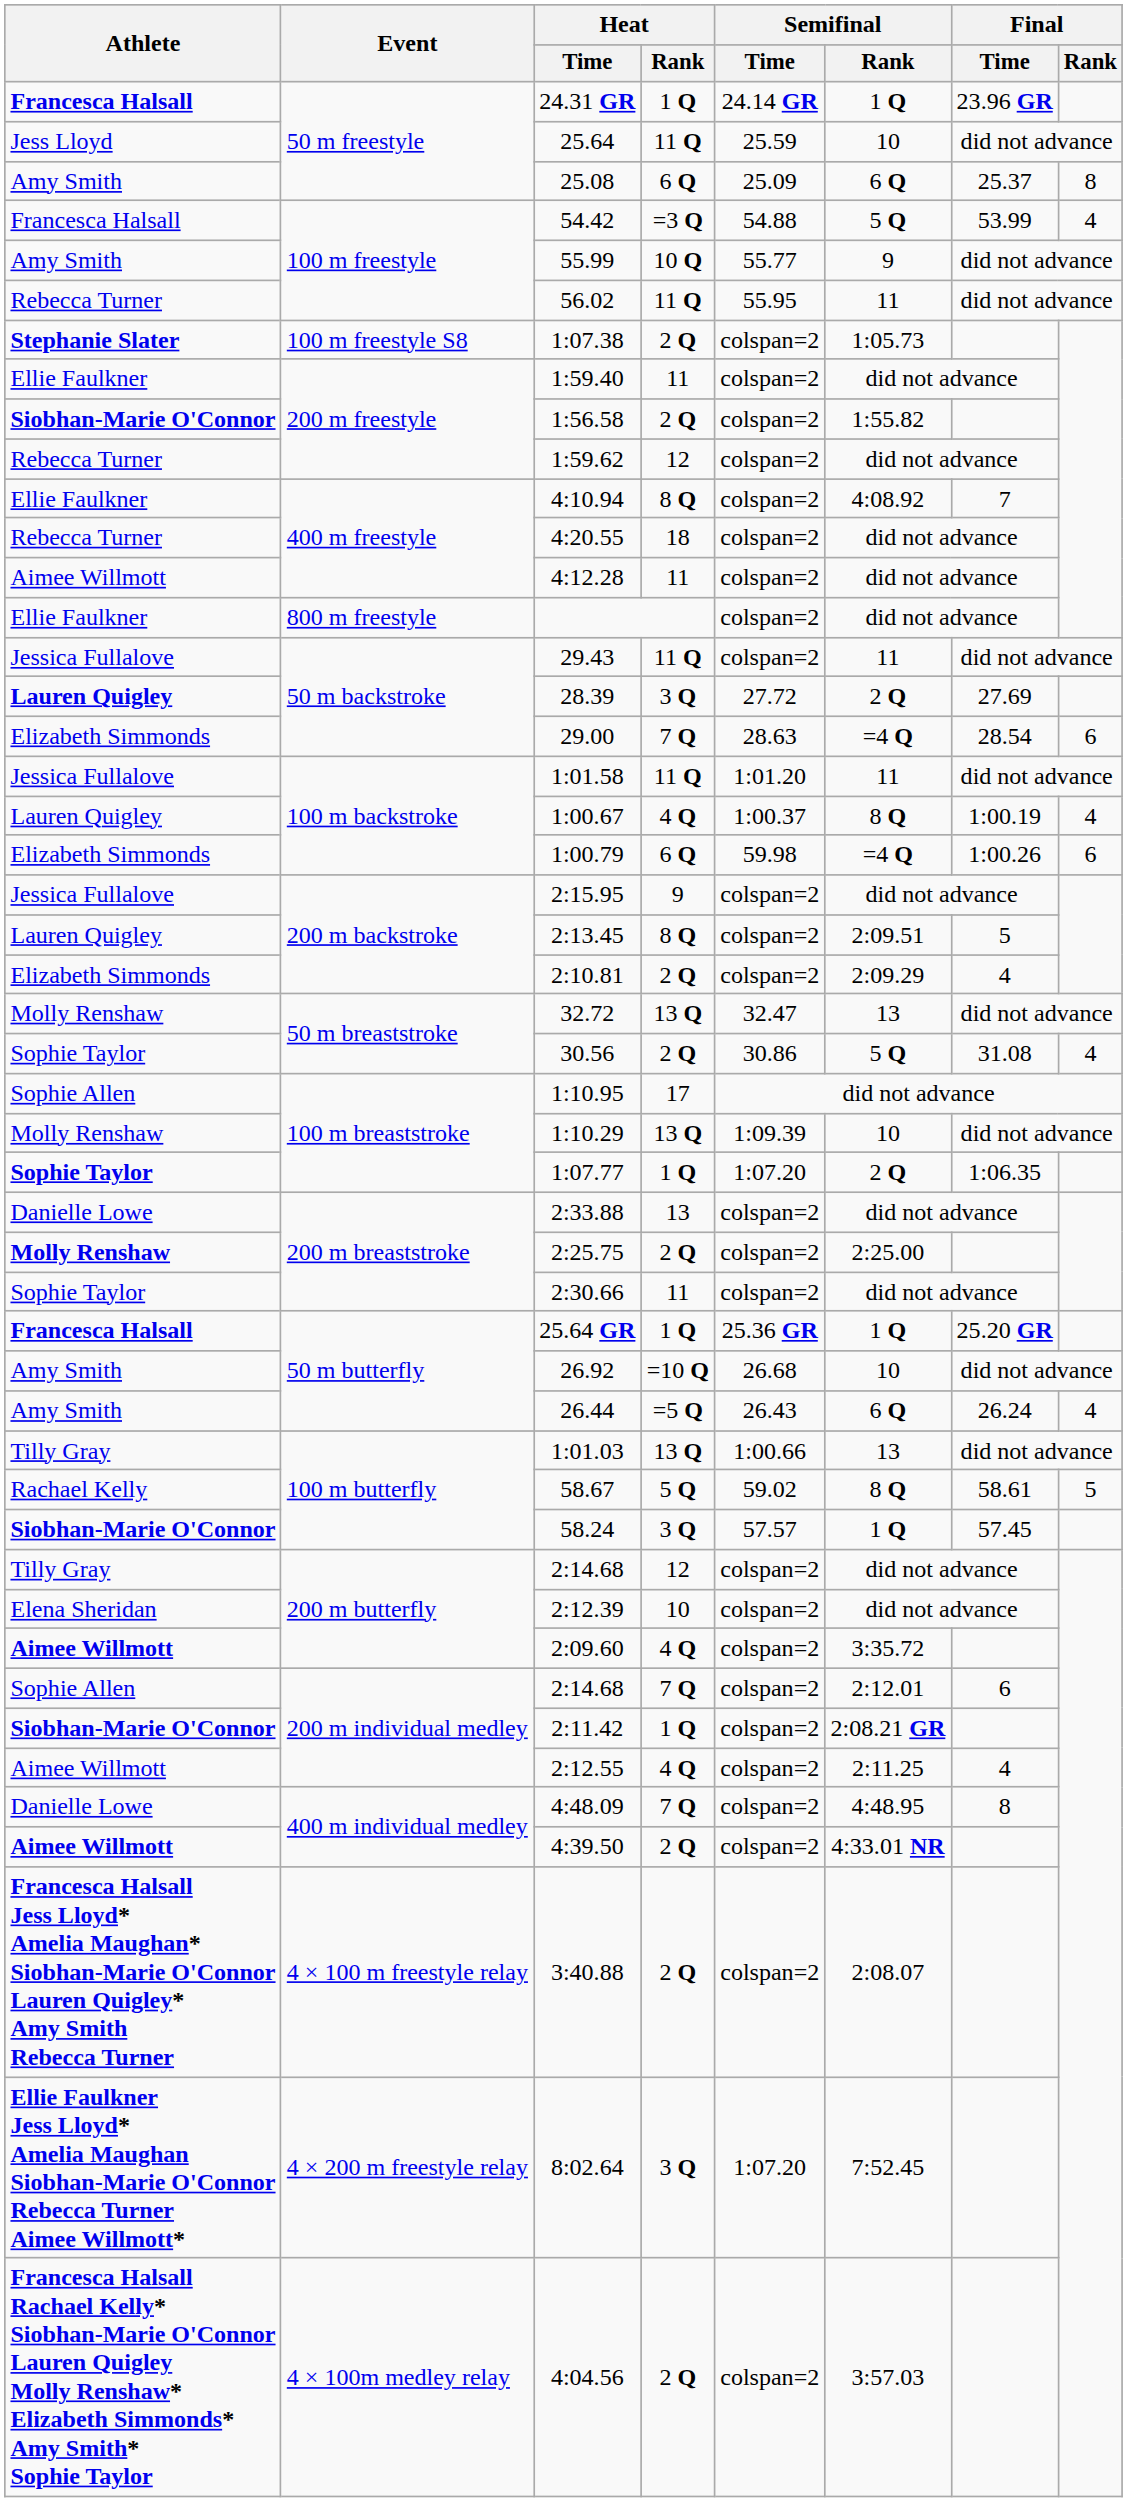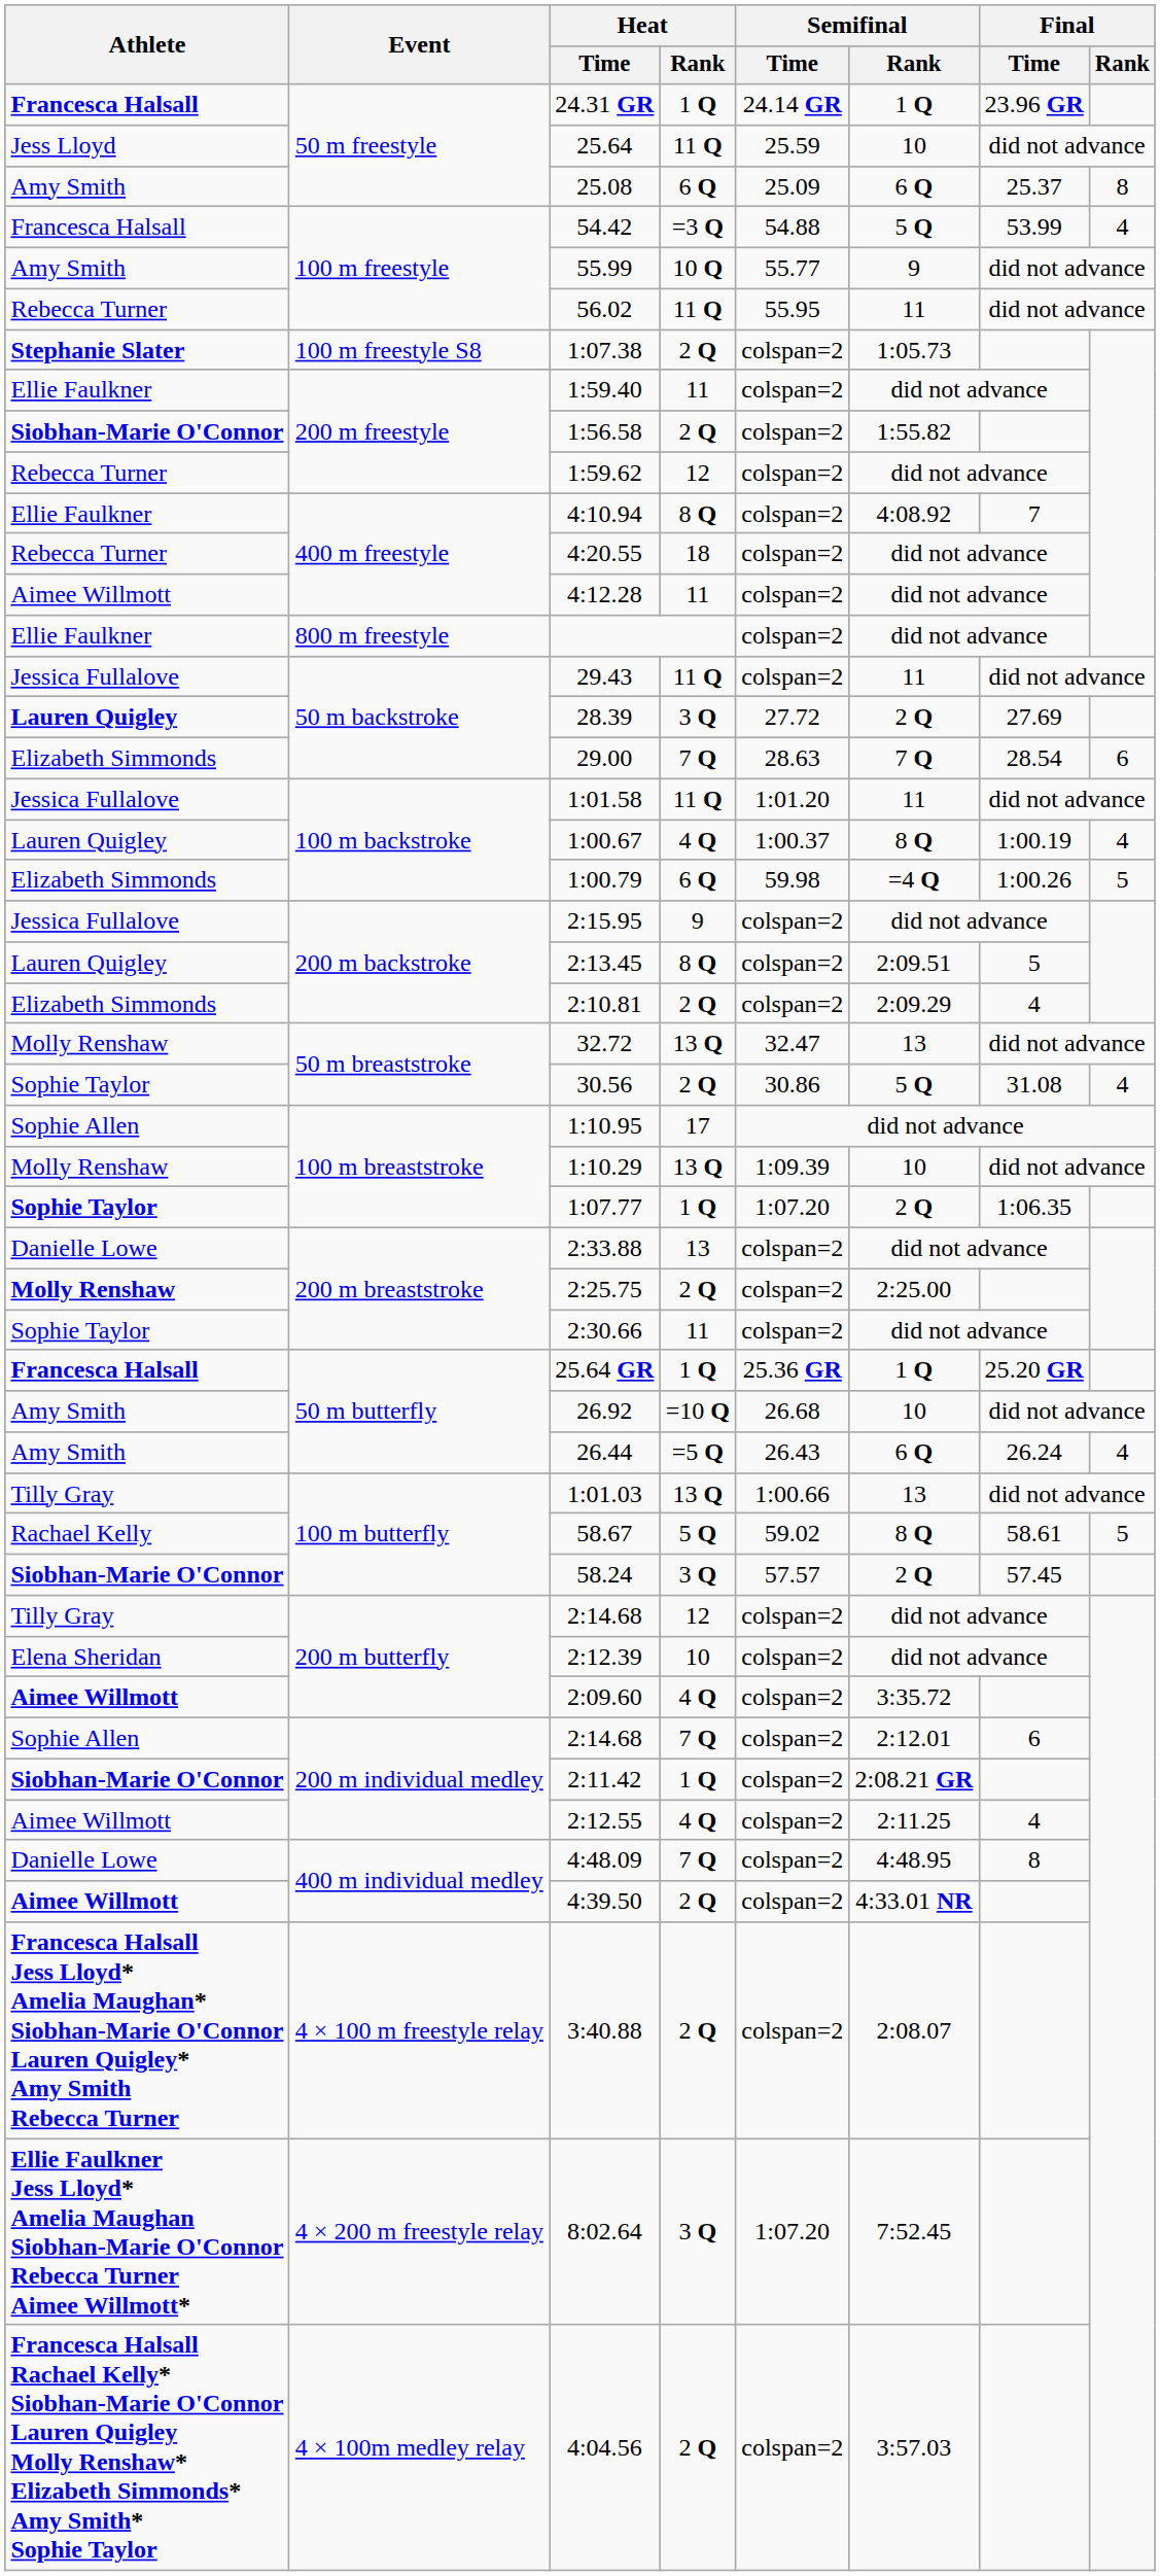 <table class=wikitable style=font-size:90%>
 <tr>
 <th rowspan=2>Athlete</th>
 <th rowspan=2>Event</th>
 <th colspan=2>Heat</th>
 <th colspan=2>Semifinal</th>
 <th colspan=2>Final</th>
 </tr>
 <tr style=font-size:95%>
 <th>Time</th>
 <th>Rank</th>
 <th>Time</th>
 <th>Rank</th>
 <th>Time</th>
 <th>Rank</th>
 </tr>
 <tr align=center>
 <td align=left><strong><a href='#'>Francesca Halsall</a></strong></td>
 <td align=left rowspan=3><a href='#'>50 m freestyle</a></td>
 <td>24.31 <strong><a href='#'>GR</a></strong></td>
 <td>1 <strong>Q</strong></td>
 <td>24.14 <strong><a href='#'>GR</a></strong></td>
 <td>1 <strong>Q</strong></td>
 <td>23.96 <strong><a href='#'>GR</a></strong></td>
 <td></td>
 </tr>
 <tr align=center>
 <td align=left><a href='#'>Jess Lloyd</a></td>
 <td>25.64</td>
 <td>11 <strong>Q</strong></td>
 <td>25.59</td>
 <td>10</td>
 <td colspan=2>did not advance</td>
 </tr>
 <tr align=center>
 <td align=left><a href='#'>Amy Smith</a></td>
 <td>25.08</td>
 <td>6 <strong>Q</strong></td>
 <td>25.09</td>
 <td>6 <strong>Q</strong></td>
 <td>25.37</td>
 <td>8</td>
 </tr>
 <tr align=center>
 <td align=left><a href='#'>Francesca Halsall</a></td>
 <td align=left rowspan=3><a href='#'>100 m freestyle</a></td>
 <td>54.42</td>
 <td>=3 <strong>Q</strong></td>
 <td>54.88</td>
 <td>5 <strong>Q</strong></td>
 <td>53.99</td>
 <td>4</td>
 </tr>
 <tr align=center>
 <td align=left><a href='#'>Amy Smith</a></td>
 <td>55.99</td>
 <td>10 <strong>Q</strong></td>
 <td>55.77</td>
 <td>9</td>
 <td colspan=2>did not advance</td>
 </tr>
 <tr align=center>
 <td align=left><a href='#'>Rebecca Turner</a></td>
 <td>56.02</td>
 <td>11 <strong>Q</strong></td>
 <td>55.95</td>
 <td>11</td>
 <td colspan=2>did not advance</td>
 </tr>
 <tr align=center>
 <td align=left><strong><a href='#'>Stephanie Slater</a></strong></td>
 <td align=left><a href='#'>100 m freestyle S8</a></td>
 <td>1:07.38</td>
 <td>2 <strong>Q</strong></td>
 <td>colspan=2 </td>
 <td>1:05.73</td>
 <td></td>
 </tr>
 <tr align=center>
 <td align=left><a href='#'>Ellie Faulkner</a></td>
 <td align=left rowspan=3><a href='#'>200 m freestyle</a></td>
 <td>1:59.40</td>
 <td>11</td>
 <td>colspan=2 </td>
 <td colspan=2>did not advance</td>
 </tr>
 <tr align=center>
 <td align=left><strong><a href='#'>Siobhan-Marie O'Connor</a></strong></td>
 <td>1:56.58</td>
 <td>2 <strong>Q</strong></td>
 <td>colspan=2 </td>
 <td>1:55.82</td>
 <td></td>
 </tr>
 <tr align=center>
 <td align=left><a href='#'>Rebecca Turner</a></td>
 <td>1:59.62</td>
 <td>12</td>
 <td>colspan=2 </td>
 <td colspan=2>did not advance</td>
 </tr>
 <tr align=center>
 <td align=left><a href='#'>Ellie Faulkner</a></td>
 <td align=left rowspan=3><a href='#'>400 m freestyle</a></td>
 <td>4:10.94</td>
 <td>8 <strong>Q</strong></td>
 <td>colspan=2 </td>
 <td>4:08.92</td>
 <td>7</td>
 </tr>
 <tr align=center>
 <td align=left><a href='#'>Rebecca Turner</a></td>
 <td>4:20.55</td>
 <td>18</td>
 <td>colspan=2 </td>
 <td colspan=2>did not advance</td>
 </tr>
 <tr align=center>
 <td align=left><a href='#'>Aimee Willmott</a></td>
 <td>4:12.28</td>
 <td>11</td>
 <td>colspan=2 </td>
 <td colspan=2>did not advance</td>
 </tr>
 <tr align=center>
 <td align=left><a href='#'>Ellie Faulkner</a></td>
 <td align=left><a href='#'>800 m freestyle</a></td>
 <td colspan=2></td>
 <td>colspan=2 </td>
 <td colspan=2>did not advance</td>
 </tr>
 <tr align=center>
 <td align=left><a href='#'>Jessica Fullalove</a></td>
 <td align=left rowspan=3><a href='#'>50 m backstroke</a></td>
 <td>29.43</td>
 <td>11 <strong>Q</strong></td>
 <td>colspan=2 </td>
 <td>11</td>
 <td colspan=2>did not advance</td>
 </tr>
 <tr align=center>
 <td align=left><strong><a href='#'>Lauren Quigley</a></strong></td>
 <td>28.39</td>
 <td>3 <strong>Q</strong></td>
 <td>27.72</td>
 <td>2 <strong>Q</strong></td>
 <td>27.69</td>
 <td></td>
 </tr>
 <tr align=center>
 <td align=left><a href='#'>Elizabeth Simmonds</a></td>
 <td>29.00</td>
 <td>7 <strong>Q</strong></td>
 <td>28.63</td>
-<td>=4 <strong>Q</strong></td>
+<td>7 <strong>Q</strong></td>
 <td>28.54</td>
 <td>6</td>
 </tr>
 <tr align=center>
 <td align=left><a href='#'>Jessica Fullalove</a></td>
 <td align=left rowspan=3><a href='#'>100 m backstroke</a></td>
 <td>1:01.58</td>
 <td>11 <strong>Q</strong></td>
 <td>1:01.20</td>
 <td>11</td>
 <td colspan=2>did not advance</td>
 </tr>
 <tr align=center>
 <td align=left><a href='#'>Lauren Quigley</a></td>
 <td>1:00.67</td>
 <td>4 <strong>Q</strong></td>
 <td>1:00.37</td>
 <td>8 <strong>Q</strong></td>
 <td>1:00.19</td>
 <td>4</td>
 </tr>
 <tr align=center>
 <td align=left><a href='#'>Elizabeth Simmonds</a></td>
 <td>1:00.79</td>
 <td>6 <strong>Q</strong></td>
 <td>59.98</td>
 <td>=4 <strong>Q</strong></td>
 <td>1:00.26</td>
-<td>6</td>
+<td>5</td>
 </tr>
 <tr align=center>
 <td align=left><a href='#'>Jessica Fullalove</a></td>
 <td align=left rowspan=3><a href='#'>200 m backstroke</a></td>
 <td>2:15.95</td>
 <td>9</td>
 <td>colspan=2 </td>
 <td colspan=2>did not advance</td>
 </tr>
 <tr align=center>
 <td align=left><a href='#'>Lauren Quigley</a></td>
 <td>2:13.45</td>
 <td>8 <strong>Q</strong></td>
 <td>colspan=2 </td>
 <td>2:09.51</td>
 <td>5</td>
 </tr>
 <tr align=center>
 <td align=left><a href='#'>Elizabeth Simmonds</a></td>
 <td>2:10.81</td>
 <td>2 <strong>Q</strong></td>
 <td>colspan=2 </td>
 <td>2:09.29</td>
 <td>4</td>
 </tr>
 <tr align=center>
 <td align=left><a href='#'>Molly Renshaw</a></td>
 <td align=left rowspan=2><a href='#'>50 m breaststroke</a></td>
 <td>32.72</td>
 <td>13 <strong>Q</strong></td>
 <td>32.47</td>
 <td>13</td>
 <td colspan=2>did not advance</td>
 </tr>
 <tr align=center>
 <td align=left><a href='#'>Sophie Taylor</a></td>
 <td>30.56</td>
 <td>2 <strong>Q</strong></td>
 <td>30.86</td>
 <td>5 <strong>Q</strong></td>
 <td>31.08</td>
 <td>4</td>
 </tr>
 <tr align=center>
 <td align=left><a href='#'>Sophie Allen</a></td>
 <td align=left rowspan=3><a href='#'>100 m breaststroke</a></td>
 <td>1:10.95</td>
 <td>17</td>
 <td colspan=4>did not advance</td>
 </tr>
 <tr align=center>
 <td align=left><a href='#'>Molly Renshaw</a></td>
 <td>1:10.29</td>
 <td>13 <strong>Q</strong></td>
 <td>1:09.39</td>
 <td>10</td>
 <td colspan=2>did not advance</td>
 </tr>
 <tr align=center>
 <td align=left><strong><a href='#'>Sophie Taylor</a></strong></td>
 <td>1:07.77</td>
 <td>1 <strong>Q</strong></td>
 <td>1:07.20</td>
 <td>2 <strong>Q</strong></td>
 <td>1:06.35</td>
 <td></td>
 </tr>
 <tr align=center>
 <td align=left><a href='#'>Danielle Lowe</a></td>
 <td align=left rowspan=3><a href='#'>200 m breaststroke</a></td>
 <td>2:33.88</td>
 <td>13</td>
 <td>colspan=2 </td>
 <td colspan=2>did not advance</td>
 </tr>
 <tr align=center>
 <td align=left><strong><a href='#'>Molly Renshaw</a></strong></td>
 <td>2:25.75</td>
 <td>2 <strong>Q</strong></td>
 <td>colspan=2 </td>
 <td>2:25.00</td>
 <td></td>
 </tr>
 <tr align=center>
 <td align=left><a href='#'>Sophie Taylor</a></td>
 <td>2:30.66</td>
 <td>11</td>
 <td>colspan=2 </td>
 <td colspan=2>did not advance</td>
 </tr>
 <tr align=center>
 <td align=left><strong><a href='#'>Francesca Halsall</a></strong></td>
 <td align=left rowspan=3><a href='#'>50 m butterfly</a></td>
 <td>25.64 <strong><a href='#'>GR</a></strong></td>
 <td>1 <strong>Q</strong></td>
 <td>25.36 <strong><a href='#'>GR</a></strong></td>
 <td>1 <strong>Q</strong></td>
 <td>25.20 <strong><a href='#'>GR</a></strong></td>
 <td></td>
 </tr>
 <tr align=center>
 <td align=left><a href='#'>Amy Smith</a></td>
 <td>26.92</td>
 <td>=10 <strong>Q</strong></td>
 <td>26.68</td>
 <td>10</td>
 <td colspan=2>did not advance</td>
 </tr>
 <tr align=center>
 <td align=left><a href='#'>Amy Smith</a></td>
 <td>26.44</td>
 <td>=5 <strong>Q</strong></td>
 <td>26.43</td>
 <td>6 <strong>Q</strong></td>
 <td>26.24</td>
 <td>4</td>
 </tr>
 <tr align=center>
 <td align=left><a href='#'>Tilly Gray</a></td>
 <td align=left rowspan=3><a href='#'>100 m butterfly</a></td>
 <td>1:01.03</td>
 <td>13 <strong>Q</strong></td>
 <td>1:00.66</td>
 <td>13</td>
 <td colspan=2>did not advance</td>
 </tr>
 <tr align=center>
 <td align=left><a href='#'>Rachael Kelly</a></td>
 <td>58.67</td>
 <td>5 <strong>Q</strong></td>
 <td>59.02</td>
 <td>8 <strong>Q</strong></td>
 <td>58.61</td>
 <td>5</td>
 </tr>
 <tr align=center>
 <td align=left><strong><a href='#'>Siobhan-Marie O'Connor</a></strong></td>
 <td>58.24</td>
 <td>3 <strong>Q</strong></td>
 <td>57.57</td>
-<td>1 <strong>Q</strong></td>
+<td>2 <strong>Q</strong></td>
 <td>57.45</td>
 <td></td>
 </tr>
 <tr align=center>
 <td align=left><a href='#'>Tilly Gray</a></td>
 <td align=left rowspan=3><a href='#'>200 m butterfly</a></td>
 <td>2:14.68</td>
 <td>12</td>
 <td>colspan=2 </td>
 <td colspan=2>did not advance</td>
 </tr>
 <tr align=center>
 <td align=left><a href='#'>Elena Sheridan</a></td>
 <td>2:12.39</td>
 <td>10</td>
 <td>colspan=2 </td>
 <td colspan=2>did not advance</td>
 </tr>
 <tr align=center>
 <td align=left><strong><a href='#'>Aimee Willmott</a></strong></td>
 <td>2:09.60</td>
 <td>4 <strong>Q</strong></td>
 <td>colspan=2 </td>
 <td>3:35.72</td>
 <td></td>
 </tr>
 <tr align=center>
 <td align=left><a href='#'>Sophie Allen</a></td>
 <td align=left rowspan=3><a href='#'>200 m individual medley</a></td>
 <td>2:14.68</td>
 <td>7 <strong>Q</strong></td>
 <td>colspan=2 </td>
 <td>2:12.01</td>
 <td>6</td>
 </tr>
 <tr align=center>
 <td align=left><strong><a href='#'>Siobhan-Marie O'Connor</a></strong></td>
 <td>2:11.42</td>
 <td>1 <strong>Q</strong></td>
 <td>colspan=2 </td>
 <td>2:08.21 <strong><a href='#'>GR</a></strong></td>
 <td></td>
 </tr>
 <tr align=center>
 <td align=left><a href='#'>Aimee Willmott</a></td>
 <td>2:12.55</td>
 <td>4 <strong>Q</strong></td>
 <td>colspan=2 </td>
 <td>2:11.25</td>
 <td>4</td>
 </tr>
 <tr align=center>
 <td align=left><a href='#'>Danielle Lowe</a></td>
 <td align=left rowspan=2><a href='#'>400 m individual medley</a></td>
 <td>4:48.09</td>
 <td>7 <strong>Q</strong></td>
 <td>colspan=2 </td>
 <td>4:48.95</td>
 <td>8</td>
 </tr>
 <tr align=center>
 <td align=left><strong><a href='#'>Aimee Willmott</a></strong></td>
 <td>4:39.50</td>
 <td>2 <strong>Q</strong></td>
 <td>colspan=2 </td>
 <td>4:33.01 <strong><a href='#'>NR</a></strong></td>
 <td></td>
 </tr>
 <tr align=center>
 <td align=left><strong><a href='#'>Francesca Halsall</a><br><a href='#'>Jess Lloyd</a>*<br><a href='#'>Amelia Maughan</a>*<br><a href='#'>Siobhan-Marie O'Connor</a><br><a href='#'>Lauren Quigley</a>*<br><a href='#'>Amy Smith</a><br><a href='#'>Rebecca Turner</a></strong></td>
 <td align=left><a href='#'>4 × 100 m freestyle relay</a></td>
 <td>3:40.88</td>
 <td>2 <strong>Q</strong></td>
 <td>colspan=2 </td>
 <td>2:08.07</td>
 <td></td>
 </tr>
 <tr align=center>
 <td align=left><strong><a href='#'>Ellie Faulkner</a><br><a href='#'>Jess Lloyd</a>*<br><a href='#'>Amelia Maughan</a><br><a href='#'>Siobhan-Marie O'Connor</a><br><a href='#'>Rebecca Turner</a><br><a href='#'>Aimee Willmott</a>*</strong></td>
 <td align=left><a href='#'>4 × 200 m freestyle relay</a></td>
 <td>8:02.64</td>
 <td>3 <strong>Q</strong></td>
 <td>1:07.20</td>
 <td>7:52.45</td>
 <td></td>
 </tr>
 <tr align=center>
 <td align=left><strong><a href='#'>Francesca Halsall</a><br><a href='#'>Rachael Kelly</a>*<br><a href='#'>Siobhan-Marie O'Connor</a><br><a href='#'>Lauren Quigley</a><br><a href='#'>Molly Renshaw</a>*<br><a href='#'>Elizabeth Simmonds</a>*<br><a href='#'>Amy Smith</a>*<br><a href='#'>Sophie Taylor</a></strong></td>
 <td align=left><a href='#'>4 × 100m medley relay</a></td>
 <td>4:04.56</td>
 <td>2 <strong>Q</strong></td>
 <td>colspan=2 </td>
 <td>3:57.03</td>
 <td></td>
 </tr>
 </table>
